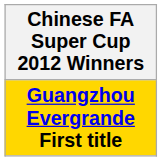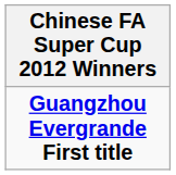 <table class="wikitable" style="text-align: center; margin: 0 auto; width: 20%">
 <tr>
 <th>Chinese FA Super Cup <br>2012 Winners</th>
 </tr>
 <tr>
-<td style="background: gold;"><strong><a href='#'>Guangzhou Evergrande</a></strong><br><strong>First title</strong></td>
+<td><strong><a href='#'>Guangzhou Evergrande</a></strong><br><strong>First title</strong></td>
 </tr>
 </table>
